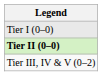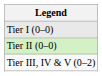 <table class=wikitable style="font-size:90%">
 <tr>
 <th>Legend</th>
 </tr>
 <tr>
 <td style="background:#e9e9e9;">Tier I (0–0)</td>
 </tr>
 <tr>
-<td style="background:#d4f1c5;"><strong>Tier II (0–0)</strong></td>
+<td style="background:#d4f1c5;">Tier II (0–0)</td>
 </tr>
 <tr>
 <td>Tier III, IV & V (0–2)</td>
 </tr>
 </table>
